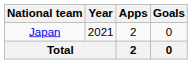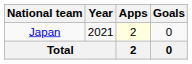 <table class="wikitable" style="text-align:center">
 <tr>
 <th>National team</th>
 <th>Year</th>
 <th>Apps</th>
 <th>Goals</th>
 </tr>
 <tr>
 <td rowspan="1"><a href='#'>Japan</a></td>
 <td>2021</td>
-<td>2</td>
+<td style="background: lightyellow;">2</td>
 <td>0</td>
 </tr>
 <tr>
 <th colspan="2">Total</th>
 <th>2</th>
 <th>0</th>
 </tr>
 </table>
